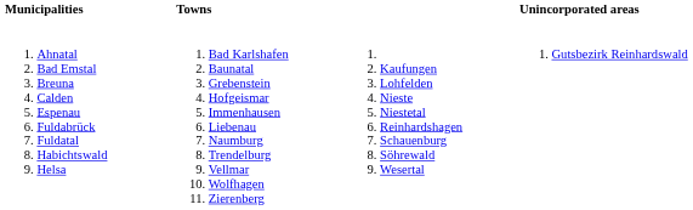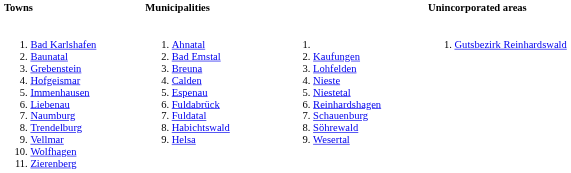 <table>
 <tr>
+<th align=left width=25%>Towns</th>
 <th align=left width=25%>Municipalities</th>
-<th align=left width=25%>Towns</th>
 <th align=left width=25%></th>
 <th align=left width=25%>Unincorporated areas</th>
 </tr>
 <tr valign=top>
+<td><br><ol><li><a href='#'>Bad Karlshafen</a></li><li><a href='#'>Baunatal</a></li><li><a href='#'>Grebenstein</a></li><li><a href='#'>Hofgeismar</a></li><li><a href='#'>Immenhausen</a></li><li><a href='#'>Liebenau</a></li><li><a href='#'>Naumburg</a></li><li><a href='#'>Trendelburg</a></li><li><a href='#'>Vellmar</a></li><li><a href='#'>Wolfhagen</a></li><li><a href='#'>Zierenberg</a></li></ol></td>
 <td><br><ol><li><a href='#'>Ahnatal</a></li><li><a href='#'>Bad Emstal</a></li><li><a href='#'>Breuna</a></li><li><a href='#'>Calden</a></li><li><a href='#'>Espenau</a></li><li><a href='#'>Fuldabrück</a></li><li><a href='#'>Fuldatal</a></li><li><a href='#'>Habichtswald</a></li><li><a href='#'>Helsa</a></li></ol></td>
-<td><br><ol><li><a href='#'>Bad Karlshafen</a></li><li><a href='#'>Baunatal</a></li><li><a href='#'>Grebenstein</a></li><li><a href='#'>Hofgeismar</a></li><li><a href='#'>Immenhausen</a></li><li><a href='#'>Liebenau</a></li><li><a href='#'>Naumburg</a></li><li><a href='#'>Trendelburg</a></li><li><a href='#'>Vellmar</a></li><li><a href='#'>Wolfhagen</a></li><li><a href='#'>Zierenberg</a></li></ol></td>
 <td><br><ol><li><li> <a href='#'>Kaufungen</a></li><li><a href='#'>Lohfelden</a></li><li><a href='#'>Nieste</a></li><li><a href='#'>Niestetal</a></li><li><a href='#'>Reinhardshagen</a></li><li><a href='#'>Schauenburg</a></li><li><a href='#'>Söhrewald</a></li><li><a href='#'>Wesertal</a></li></ol></td>
 <td><br><ol><li><a href='#'>Gutsbezirk Reinhardswald</a></li></ol></td>
 </tr>
 </table>
